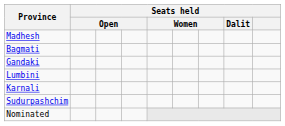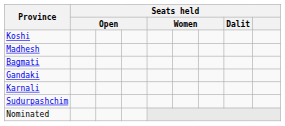 <table class="wikitable">
 <tr>
 <th rowspan="2">Province</th>
 <th colspan="8">Seats held</th>
 </tr>
 <tr>
 <th width="120px" colspan="3">Open</th>
 <th width="120px" colspan="3">Women</th>
 <th width="40px">Dalit</th>
 <th width="40px"></th>
+</tr>
+<tr>
+<td><a href='#'>Koshi</a></td>
+<td style="background-color:"></td>
+<td style="background-color:"></td>
+<td style="background-color:"></td>
+<td style="background-color:"></td>
+<td style="background-color:"></td>
+<td style="background-color:"></td>
+<td style="background-color:"></td>
+<td style="background-color:"></td>
 </tr>
 <tr>
 <td><a href='#'>Madhesh</a></td>
 <td style="background-color:"></td>
 <td style="background-color:"></td>
 <td style="background-color:"></td>
 <td style="background-color:"></td>
 <td style="background-color:"></td>
 <td style="background-color:"></td>
 <td style="background-color:"></td>
 <td style="background-color:"></td>
 </tr>
 <tr>
 <td><a href='#'>Bagmati</a></td>
 <td style="background-color:"></td>
 <td style="background-color:"></td>
 <td style="background-color:"></td>
 <td style="background-color:"></td>
 <td style="background-color:"></td>
 <td style="background-color:"></td>
 <td style="background-color:"></td>
 <td style="background-color:"></td>
 </tr>
 <tr>
 <td><a href='#'>Gandaki</a></td>
-<td style="background-color:"></td>
-<td style="background-color:"></td>
-<td style="background-color:"></td>
-<td style="background-color:"></td>
-<td style="background-color:"></td>
-<td style="background-color:"></td>
-<td style="background-color:"></td>
-<td style="background-color:"></td>
-</tr>
-<tr>
-<td><a href='#'>Lumbini</a></td>
 <td style="background-color:"></td>
 <td style="background-color:"></td>
 <td style="background-color:"></td>
 <td style="background-color:"></td>
 <td style="background-color:"></td>
 <td style="background-color:"></td>
 <td style="background-color:"></td>
 <td style="background-color:"></td>
 </tr>
 <tr>
 <td><a href='#'>Karnali</a></td>
 <td style="background-color:"></td>
 <td style="background-color:"></td>
 <td style="background-color:"></td>
 <td style="background-color:"></td>
 <td style="background-color:"></td>
 <td style="background-color:"></td>
 <td style="background-color:"></td>
 <td style="background-color:"></td>
 </tr>
 <tr>
 <td><a href='#'>Sudurpashchim</a></td>
 <td style="background-color:"></td>
 <td style="background-color:"></td>
 <td style="background-color:"></td>
 <td style="background-color:"></td>
 <td style="background-color:"></td>
 <td style="background-color:"></td>
 <td style="background-color:"></td>
 <td style="background-color:"></td>
 </tr>
 <tr>
 <td>Nominated</td>
 <td style="background-color:"></td>
 <td style="background-color:"></td>
 <td style="background-color:"></td>
 <td colspan="5" style="background-color:#E9E9E9;"></td>
 </tr>
 </table>
